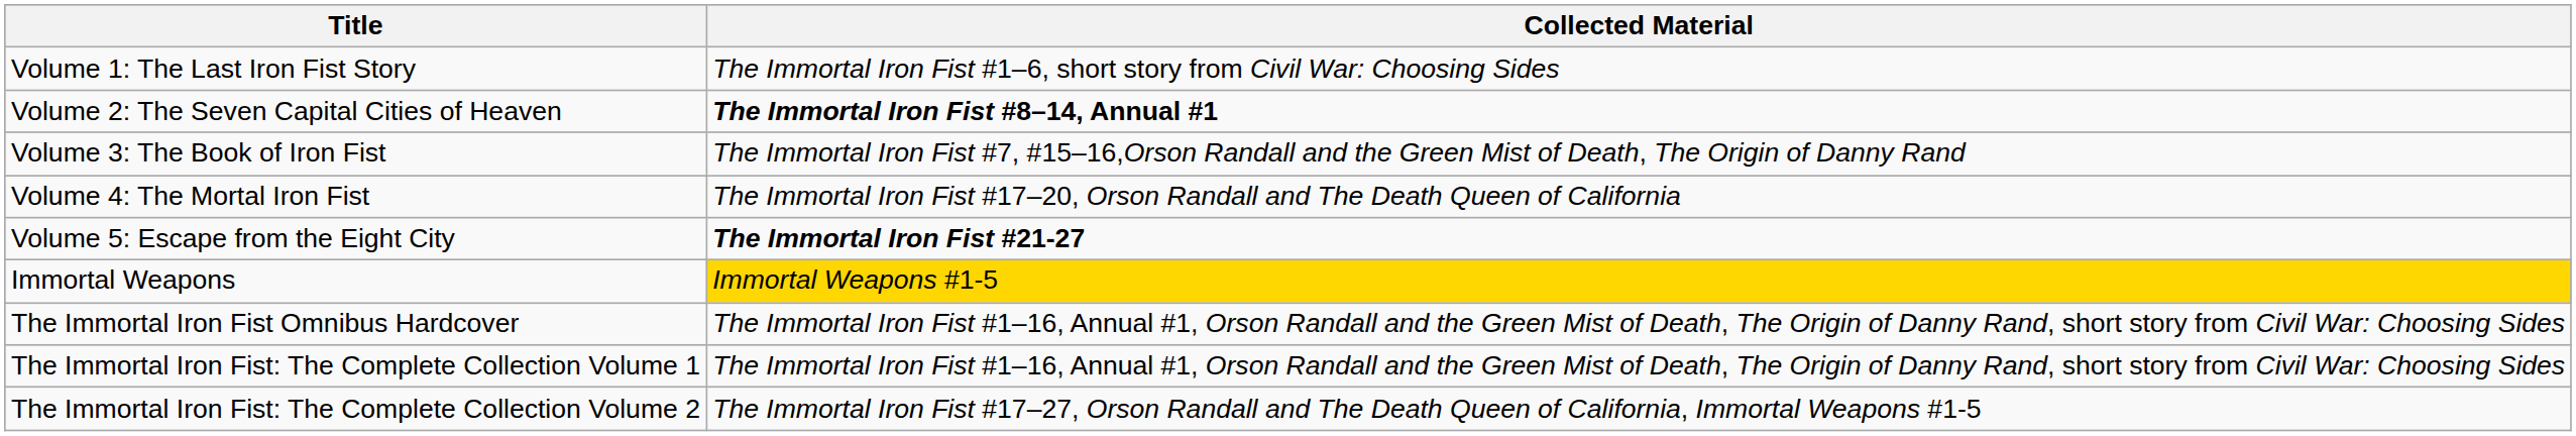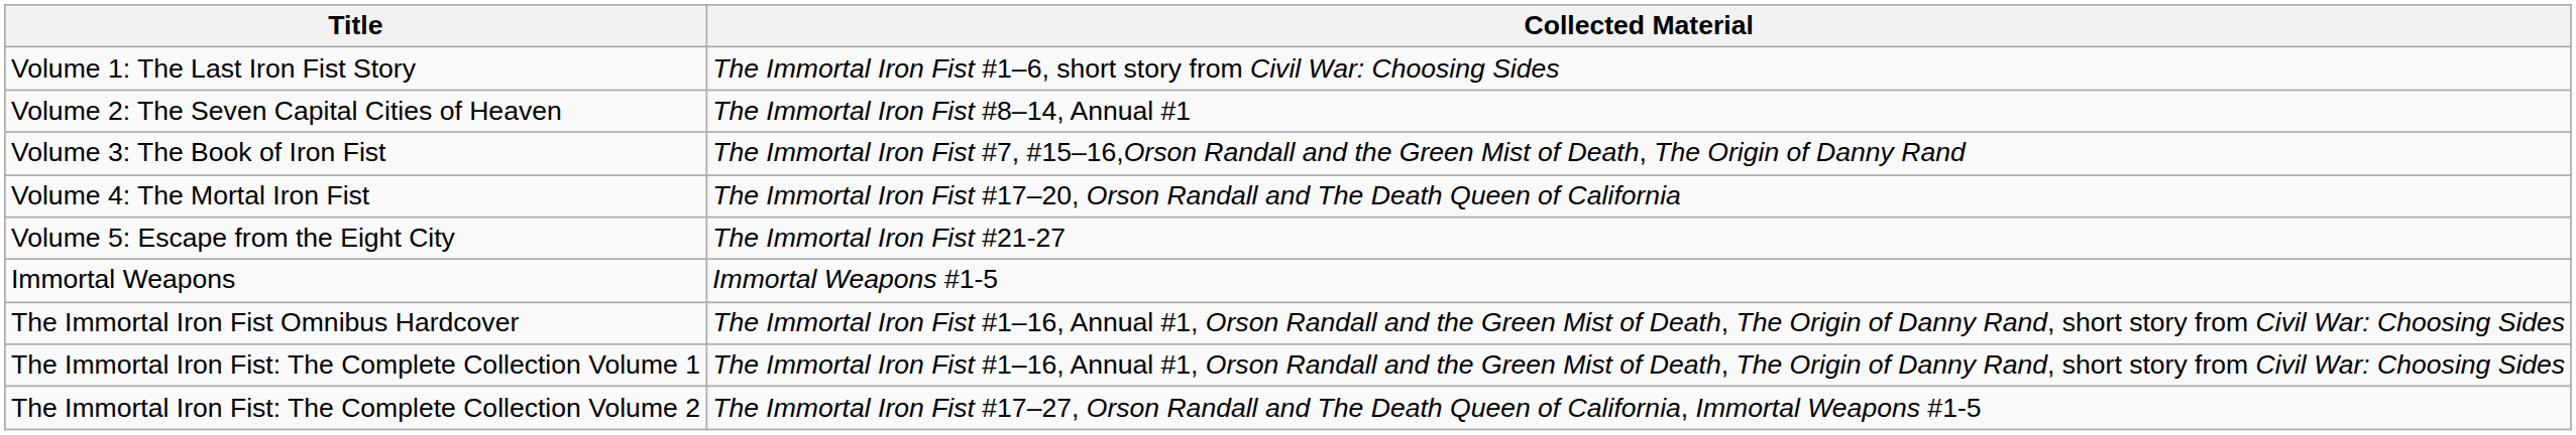 <table class="wikitable">
 <tr>
 <th>Title</th>
 <th>Collected Material</th>
 </tr>
 <tr>
 <td>Volume 1: The Last Iron Fist Story</td>
 <td><em>The Immortal Iron Fist</em> #1–6, short story from <em>Civil War: Choosing Sides</em></td>
 </tr>
 <tr>
 <td>Volume 2: The Seven Capital Cities of Heaven</td>
-<td><strong><em>The Immortal Iron Fist</em> #8–14, Annual #1</strong></td>
+<td><em>The Immortal Iron Fist</em> #8–14, Annual #1</td>
 </tr>
 <tr>
 <td>Volume 3: The Book of Iron Fist</td>
 <td><em>The Immortal Iron Fist</em> #7, #15–16,<em>Orson Randall and the Green Mist of Death</em>, <em>The Origin of Danny Rand</em></td>
 </tr>
 <tr>
 <td>Volume 4: The Mortal Iron Fist</td>
 <td><em>The Immortal Iron Fist</em> #17–20, <em>Orson Randall and The Death Queen of California</em></td>
 </tr>
 <tr>
 <td>Volume 5: Escape from the Eight City</td>
-<td><strong><em>The Immortal Iron Fist</em> #21-27</strong></td>
+<td><em>The Immortal Iron Fist</em> #21-27</td>
 </tr>
 <tr>
 <td>Immortal Weapons</td>
-<td style="background: gold;"><em>Immortal Weapons</em> #1-5</td>
+<td><em>Immortal Weapons</em> #1-5</td>
 </tr>
 <tr>
 <td>The Immortal Iron Fist Omnibus Hardcover</td>
 <td><em>The Immortal Iron Fist</em> #1–16, Annual #1, <em>Orson Randall and the Green Mist of Death</em>, <em>The Origin of Danny Rand</em>, short story from <em>Civil War: Choosing Sides</em></td>
 </tr>
 <tr>
 <td>The Immortal Iron Fist: The Complete Collection Volume 1</td>
 <td><em>The Immortal Iron Fist</em> #1–16, Annual #1, <em>Orson Randall and the Green Mist of Death</em>, <em>The Origin of Danny Rand</em>, short story from <em>Civil War: Choosing Sides</em></td>
 </tr>
 <tr>
 <td>The Immortal Iron Fist: The Complete Collection Volume 2</td>
 <td><em>The Immortal Iron Fist</em> #17–27, <em>Orson Randall and The Death Queen of California</em>, <em>Immortal Weapons</em> #1-5</td>
 </tr>
 </table>
